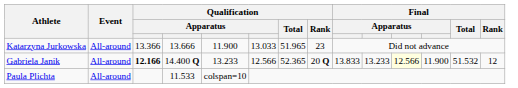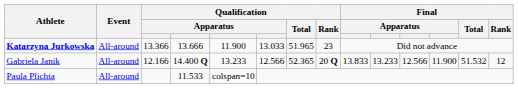 <table class="wikitable" style="font-size:90%">
 <tr>
 <th rowspan="3">Athlete</th>
 <th rowspan="3">Event</th>
 <th colspan=6>Qualification</th>
 <th colspan=6>Final</th>
 </tr>
 <tr style="font-size:95%">
 <th colspan=4>Apparatus</th>
 <th rowspan=2>Total</th>
 <th rowspan=2>Rank</th>
 <th colspan=4>Apparatus</th>
 <th rowspan=2>Total</th>
 <th rowspan=2>Rank</th>
 </tr>
 <tr style="font-size:95%">
 <th></th>
 <th></th>
 <th></th>
 <th></th>
 <th></th>
 <th></th>
 <th></th>
 <th></th>
 </tr>
 <tr align=center>
-<td align=left><a href='#'>Katarzyna Jurkowska</a></td>
+<td align=left><strong><a href='#'>Katarzyna Jurkowska</a></strong></td>
 <td align=left><a href='#'>All-around</a></td>
 <td>13.366</td>
 <td>13.666</td>
 <td>11.900</td>
 <td>13.033</td>
 <td>51.965</td>
 <td>23</td>
 <td colspan=6>Did not advance</td>
 </tr>
 <tr align=center>
 <td align=left><a href='#'>Gabriela Janik</a></td>
 <td align=left><a href='#'>All-around</a></td>
-<td><strong>12.166</strong></td>
+<td>12.166</td>
 <td>14.400 <strong>Q</strong></td>
 <td>13.233</td>
 <td>12.566</td>
 <td>52.365</td>
 <td>20 <strong>Q</strong></td>
 <td>13.833</td>
 <td>13.233</td>
-<td style="background: lightyellow;">12.566</td>
+<td>12.566</td>
 <td>11.900</td>
 <td>51.532</td>
 <td>12</td>
 </tr>
 <tr align=center>
 <td align=left><a href='#'>Paula Plichta</a></td>
 <td align=left><a href='#'>All-around</a></td>
 <td></td>
 <td>11.533</td>
 <td>colspan=10 </td>
 </tr>
 </table>
